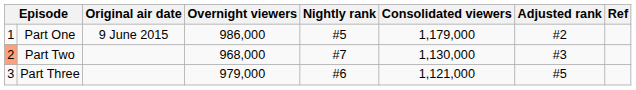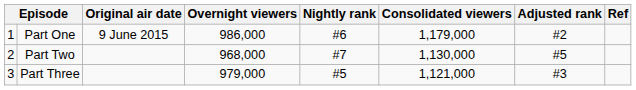 <table class="wikitable" style="text-align:center;">
 <tr>
 <th colspan="2">Episode</th>
 <th>Original air date</th>
 <th>Overnight viewers</th>
 <th>Nightly rank</th>
 <th>Consolidated viewers</th>
 <th>Adjusted rank</th>
 <th>Ref</th>
 </tr>
 <tr>
 <td>1</td>
 <td>Part One</td>
 <td>9 June 2015</td>
 <td>986,000</td>
-<td>#5</td>
+<td>#6</td>
 <td>1,179,000</td>
 <td>#2</td>
 <td></td>
 </tr>
 <tr>
-<td style="background: lightsalmon;">2</td>
+<td>2</td>
 <td>Part Two</td>
 <td></td>
 <td>968,000</td>
 <td>#7</td>
 <td>1,130,000</td>
-<td>#3</td>
+<td>#5</td>
 <td></td>
 </tr>
 <tr>
 <td>3</td>
 <td>Part Three</td>
 <td></td>
 <td>979,000</td>
-<td>#6</td>
+<td>#5</td>
 <td>1,121,000</td>
-<td>#5</td>
+<td>#3</td>
 <td></td>
 </tr>
 </table>
